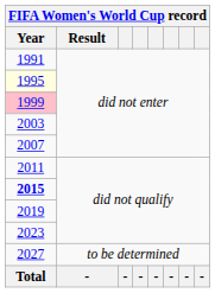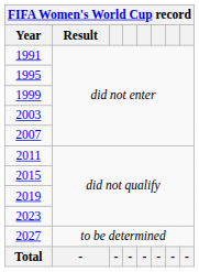 <table class="wikitable" style="text-align: center;">
 <tr>
 <th colspan=9><a href='#'>FIFA Women's World Cup</a> record</th>
 </tr>
 <tr>
 <th>Year</th>
 <th>Result</th>
 <th></th>
 <th></th>
 <th></th>
 <th></th>
 <th></th>
 <th></th>
 </tr>
 <tr>
 <td> <a href='#'>1991</a></td>
 <td colspan=7 rowspan=5><em>did not enter</em></td>
 </tr>
 <tr>
-<td style="background: lightyellow;"> <a href='#'>1995</a></td>
+<td> <a href='#'>1995</a></td>
 </tr>
 <tr>
-<td style="background: pink;"> <a href='#'>1999</a></td>
+<td> <a href='#'>1999</a></td>
 </tr>
 <tr>
 <td> <a href='#'>2003</a></td>
 </tr>
 <tr>
 <td> <a href='#'>2007</a></td>
 </tr>
 <tr>
 <td> <a href='#'>2011</a></td>
 <td colspan=7 rowspan=4><em>did not qualify</em></td>
 </tr>
 <tr>
-<td><strong> <a href='#'>2015</a></strong></td>
+<td> <a href='#'>2015</a></td>
 </tr>
 <tr>
 <td> <a href='#'>2019</a></td>
 </tr>
 <tr>
 <td> <a href='#'>2023</a></td>
 </tr>
 <tr>
 <td> <a href='#'>2027</a></td>
 <td colspan=7><em>to be determined</em></td>
 </tr>
 <tr>
 <th>Total</th>
 <th>-</th>
 <th>-</th>
 <th>-</th>
 <th>-</th>
 <th>-</th>
 <th>-</th>
 <th>-</th>
 </tr>
 </table>
